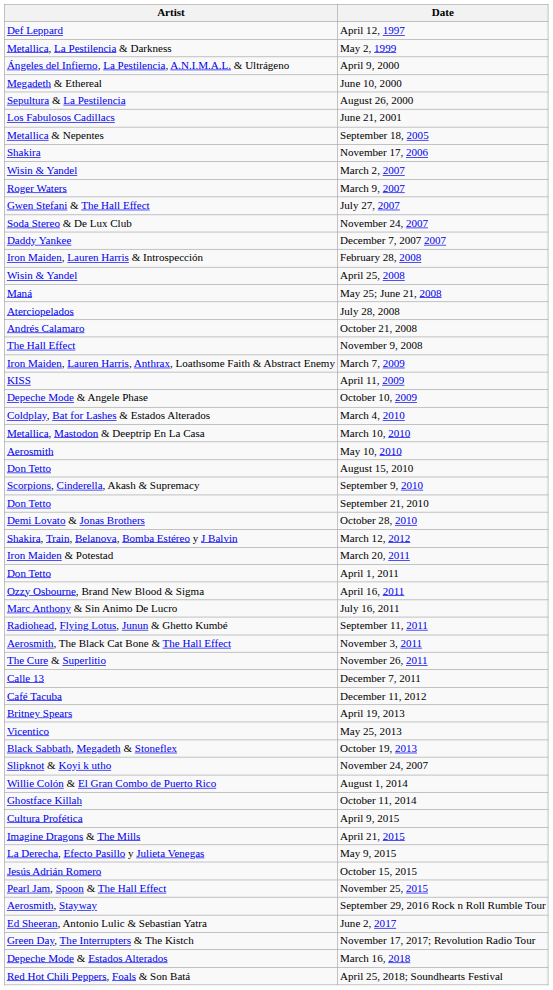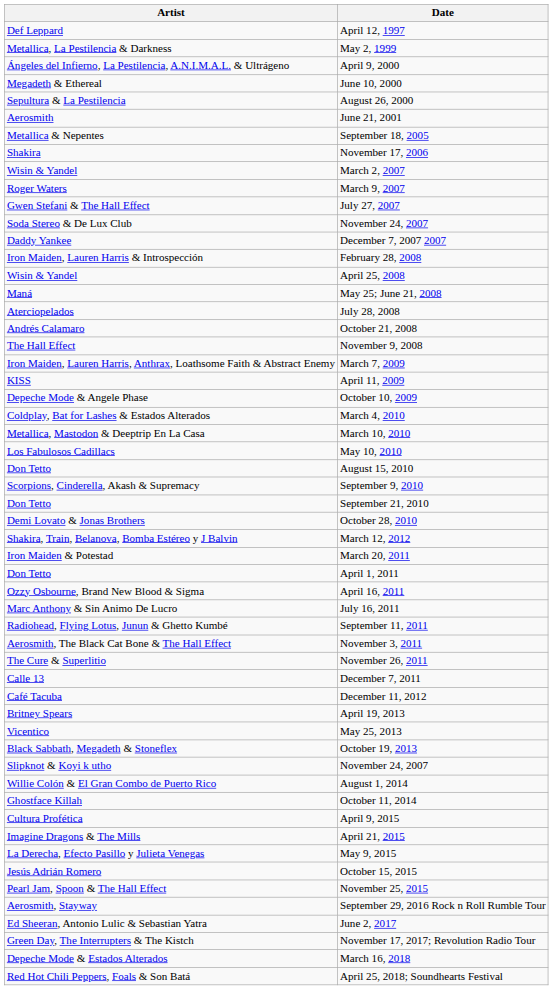 <table class="wikitable">
 <tr>
 <th>Artist</th>
 <th>Date</th>
 </tr>
 <tr>
 <td><a href='#'>Def Leppard</a></td>
 <td>April 12, <a href='#'>1997</a></td>
 </tr>
 <tr>
 <td><a href='#'>Metallica</a>, <a href='#'>La Pestilencia</a> & Darkness</td>
 <td>May 2, <a href='#'>1999</a></td>
 </tr>
 <tr>
 <td><a href='#'>Ángeles del Infierno</a>, <a href='#'>La Pestilencia</a>, <a href='#'>A.N.I.M.A.L.</a> & Ultrágeno</td>
 <td>April 9, 2000</td>
 </tr>
 <tr>
 <td><a href='#'>Megadeth</a> & Ethereal</td>
 <td>June 10, 2000</td>
 </tr>
 <tr>
 <td><a href='#'>Sepultura</a> & <a href='#'>La Pestilencia</a></td>
 <td>August 26, 2000</td>
 </tr>
 <tr>
-<td><a href='#'>Los Fabulosos Cadillacs</a></td>
+<td><a href='#'>Aerosmith</a></td>
 <td>June 21, 2001</td>
 </tr>
 <tr>
 <td><a href='#'>Metallica</a> & Nepentes</td>
 <td>September 18, <a href='#'>2005</a></td>
 </tr>
 <tr>
 <td><a href='#'>Shakira</a></td>
 <td>November 17, <a href='#'>2006</a></td>
 </tr>
 <tr>
 <td><a href='#'>Wisin & Yandel</a></td>
 <td>March 2, <a href='#'>2007</a></td>
 </tr>
 <tr>
 <td><a href='#'>Roger Waters</a></td>
 <td>March 9, <a href='#'>2007</a></td>
 </tr>
 <tr>
 <td><a href='#'>Gwen Stefani</a> & <a href='#'>The Hall Effect</a></td>
 <td>July 27, <a href='#'>2007</a></td>
 </tr>
 <tr>
 <td><a href='#'>Soda Stereo</a> & De Lux Club</td>
 <td>November 24, <a href='#'>2007</a></td>
 </tr>
 <tr>
 <td><a href='#'>Daddy Yankee</a></td>
 <td>December 7, 2007 <a href='#'>2007</a></td>
 </tr>
 <tr>
 <td><a href='#'>Iron Maiden</a>, <a href='#'>Lauren Harris</a> & Introspección</td>
 <td>February 28, <a href='#'>2008</a></td>
 </tr>
 <tr>
 <td><a href='#'>Wisin & Yandel</a></td>
 <td>April 25, <a href='#'>2008</a></td>
 </tr>
 <tr>
 <td><a href='#'>Maná</a></td>
 <td>May 25; June 21, <a href='#'>2008</a></td>
 </tr>
 <tr>
 <td><a href='#'>Aterciopelados</a></td>
 <td>July 28, 2008</td>
 </tr>
 <tr>
 <td><a href='#'>Andrés Calamaro</a></td>
 <td>October 21, 2008</td>
 </tr>
 <tr>
 <td><a href='#'>The Hall Effect</a></td>
 <td>November 9, 2008</td>
 </tr>
 <tr>
 <td><a href='#'>Iron Maiden</a>, <a href='#'>Lauren Harris</a>, <a href='#'>Anthrax</a>, Loathsome Faith & Abstract Enemy</td>
 <td>March 7, <a href='#'>2009</a></td>
 </tr>
 <tr>
 <td><a href='#'>KISS</a></td>
 <td>April 11, <a href='#'>2009</a></td>
 </tr>
 <tr>
 <td><a href='#'>Depeche Mode</a> & Angele Phase</td>
 <td>October 10, <a href='#'>2009</a></td>
 </tr>
 <tr>
 <td><a href='#'>Coldplay</a>, <a href='#'>Bat for Lashes</a> & Estados Alterados</td>
 <td>March 4, <a href='#'>2010</a></td>
 </tr>
 <tr>
 <td><a href='#'>Metallica</a>, <a href='#'>Mastodon</a> & Deeptrip En La Casa</td>
 <td>March 10, <a href='#'>2010</a></td>
 </tr>
 <tr>
-<td><a href='#'>Aerosmith</a></td>
+<td><a href='#'>Los Fabulosos Cadillacs</a></td>
 <td>May 10, <a href='#'>2010</a></td>
 </tr>
 <tr>
 <td><a href='#'>Don Tetto</a></td>
 <td>August 15, 2010</td>
 </tr>
 <tr>
 <td><a href='#'>Scorpions</a>, <a href='#'>Cinderella</a>, Akash & Supremacy</td>
 <td>September 9, <a href='#'>2010</a></td>
 </tr>
 <tr>
 <td><a href='#'>Don Tetto</a></td>
 <td>September 21, 2010</td>
 </tr>
 <tr>
 <td><a href='#'>Demi Lovato</a> & <a href='#'>Jonas Brothers</a></td>
 <td>October 28, <a href='#'>2010</a></td>
 </tr>
 <tr>
 <td><a href='#'>Shakira</a>, <a href='#'>Train</a>, <a href='#'>Belanova</a>, <a href='#'>Bomba Estéreo</a> y <a href='#'>J Balvin</a></td>
 <td>March 12, <a href='#'>2012</a></td>
 </tr>
 <tr>
 <td><a href='#'>Iron Maiden</a> & Potestad</td>
 <td>March 20, <a href='#'>2011</a></td>
 </tr>
 <tr>
 <td><a href='#'>Don Tetto</a></td>
 <td>April 1, 2011</td>
 </tr>
 <tr>
 <td><a href='#'>Ozzy Osbourne</a>, Brand New Blood & Sigma</td>
 <td>April 16, <a href='#'>2011</a></td>
 </tr>
 <tr>
 <td><a href='#'>Marc Anthony</a> & Sin Animo De Lucro</td>
 <td>July 16, 2011</td>
 </tr>
 <tr>
 <td><a href='#'>Radiohead</a>, <a href='#'>Flying Lotus</a>, <a href='#'>Junun</a> & Ghetto Kumbé</td>
 <td>September 11, <a href='#'>2011</a></td>
 </tr>
 <tr>
 <td><a href='#'>Aerosmith</a>, The Black Cat Bone & <a href='#'>The Hall Effect</a></td>
 <td>November 3, <a href='#'>2011</a></td>
 </tr>
 <tr>
 <td><a href='#'>The Cure</a> & <a href='#'>Superlitio</a></td>
 <td>November 26, <a href='#'>2011</a></td>
 </tr>
 <tr>
 <td><a href='#'>Calle 13</a></td>
 <td>December 7, 2011</td>
 </tr>
 <tr>
 <td><a href='#'>Café Tacuba</a></td>
 <td>December 11, 2012</td>
 </tr>
 <tr>
 <td><a href='#'>Britney Spears</a></td>
 <td>April 19, 2013</td>
 </tr>
 <tr>
 <td><a href='#'>Vicentico</a></td>
 <td>May 25, 2013</td>
 </tr>
 <tr>
 <td><a href='#'>Black Sabbath</a>, <a href='#'>Megadeth</a> & <a href='#'>Stoneflex</a></td>
 <td>October 19, <a href='#'>2013</a></td>
 </tr>
 <tr>
 <td><a href='#'>Slipknot</a> & <a href='#'>Koyi k utho</a></td>
 <td>November 24, 2007</td>
 </tr>
 <tr>
 <td><a href='#'>Willie Colón</a> & <a href='#'>El Gran Combo de Puerto Rico</a></td>
 <td>August 1, 2014</td>
 </tr>
 <tr>
 <td><a href='#'>Ghostface Killah</a></td>
 <td>October 11, 2014</td>
 </tr>
 <tr>
 <td><a href='#'>Cultura Profética</a></td>
 <td>April 9, 2015</td>
 </tr>
 <tr>
 <td><a href='#'>Imagine Dragons</a> & <a href='#'>The Mills</a></td>
 <td>April 21, <a href='#'>2015</a></td>
 </tr>
 <tr>
 <td><a href='#'>La Derecha</a>, <a href='#'>Efecto Pasillo</a> y <a href='#'>Julieta Venegas</a></td>
 <td>May 9, 2015</td>
 </tr>
 <tr>
 <td><a href='#'>Jesús Adrián Romero</a></td>
 <td>October 15, 2015</td>
 </tr>
 <tr>
 <td><a href='#'>Pearl Jam</a>, <a href='#'>Spoon</a> & <a href='#'>The Hall Effect</a></td>
 <td>November 25, <a href='#'>2015</a></td>
 </tr>
 <tr>
 <td><a href='#'>Aerosmith</a>, <a href='#'>Stayway</a></td>
 <td>September 29, 2016 Rock n Roll Rumble Tour</td>
 </tr>
 <tr>
 <td><a href='#'>Ed Sheeran</a>, Antonio Lulic  & Sebastian Yatra</td>
 <td>June 2, <a href='#'>2017</a></td>
 </tr>
 <tr>
 <td><a href='#'>Green Day</a>, <a href='#'>The Interrupters</a> & The Kistch</td>
 <td>November 17, 2017; Revolution Radio Tour</td>
 </tr>
 <tr>
 <td><a href='#'>Depeche Mode</a> & <a href='#'>Estados Alterados</a></td>
 <td>March 16, <a href='#'>2018</a></td>
 </tr>
 <tr>
 <td><a href='#'>Red Hot Chili Peppers</a>, <a href='#'>Foals</a> & Son Batá</td>
 <td>April 25, 2018; Soundhearts Festival</td>
 </tr>
 </table>
